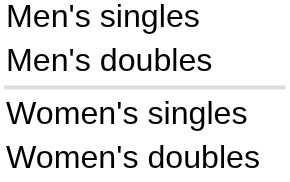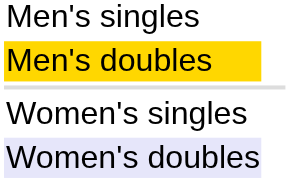 <table>
 <tr>
 <td>Men's singles<br></td>
 <td></td>
 <td></td>
 <td></td>
 </tr>
 <tr>
-<td>Men's doubles<br></td>
+<td style="background: gold;">Men's doubles<br></td>
 <td></td>
 <td></td>
 <td></td>
 </tr>
 <tr bgcolor=#DDDDDD>
 <td colspan=7></td>
 </tr>
 <tr>
 <td>Women's singles<br></td>
 <td></td>
 <td></td>
 <td></td>
 </tr>
 <tr>
-<td>Women's doubles<br></td>
+<td style="background: lavender;">Women's doubles<br></td>
 <td></td>
 <td></td>
 <td></td>
 </tr>
 </table>
